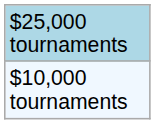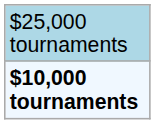 <table class="wikitable"  style="font-size:85%; width:15%;">
 <tr style="background:lightblue;">
 <td>$25,000 tournaments</td>
 </tr>
 <tr style="background:#f0f8ff;">
-<td>$10,000 tournaments</td>
+<td><strong>$10,000 tournaments</strong></td>
 </tr>
 </table>
